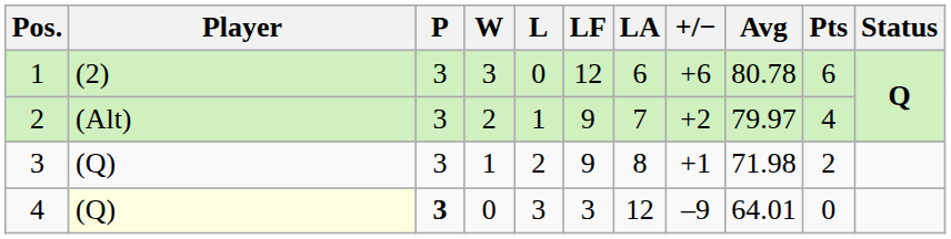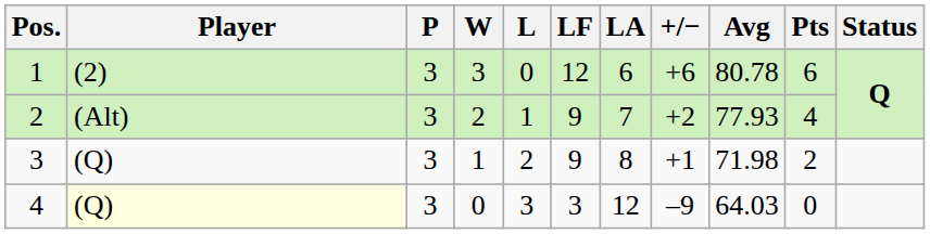 <table class="wikitable" style="text-align:center; margin: 1em auto 1em auto, align:left">
 <tr>
 <th width=20>Pos.</th>
 <th width=185>Player</th>
 <th width=20>P</th>
 <th width=20>W</th>
 <th width=20>L</th>
 <th width=20>LF</th>
 <th width=20>LA</th>
 <th width=25>+/−</th>
 <th width=30>Avg</th>
 <th width=20>Pts</th>
 <th width=40>Status</th>
 </tr>
 <tr style="background:#D0F0C0;">
 <td>1</td>
 <td align=left> (2)</td>
 <td>3</td>
 <td>3</td>
 <td>0</td>
 <td>12</td>
 <td>6</td>
 <td>+6</td>
 <td>80.78</td>
 <td>6</td>
 <td rowspan=2><strong>Q</strong></td>
 </tr>
 <tr style="background:#D0F0C0;">
 <td>2</td>
 <td align=left> (Alt)</td>
 <td>3</td>
 <td>2</td>
 <td>1</td>
 <td>9</td>
 <td>7</td>
 <td>+2</td>
-<td>79.97</td>
+<td>77.93</td>
 <td>4</td>
 </tr>
 <tr>
 <td>3</td>
 <td align=left> (Q)</td>
 <td>3</td>
 <td>1</td>
 <td>2</td>
 <td>9</td>
 <td>8</td>
 <td>+1</td>
 <td>71.98</td>
 <td>2</td>
 <td></td>
 </tr>
 <tr>
 <td>4</td>
 <td align=left style="background: lightyellow;"> (Q)</td>
-<td><strong>3</strong></td>
+<td>3</td>
 <td>0</td>
 <td>3</td>
 <td>3</td>
 <td>12</td>
 <td>–9</td>
-<td>64.01</td>
+<td>64.03</td>
 <td>0</td>
 <td></td>
 </tr>
 </table>
